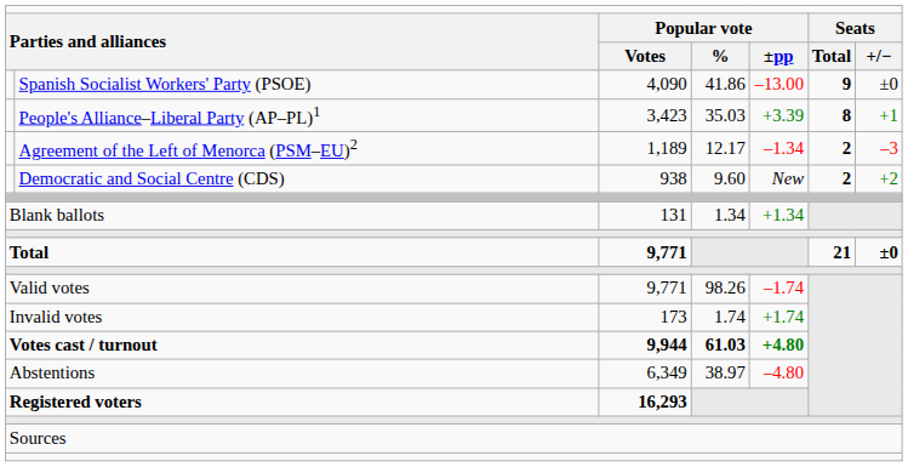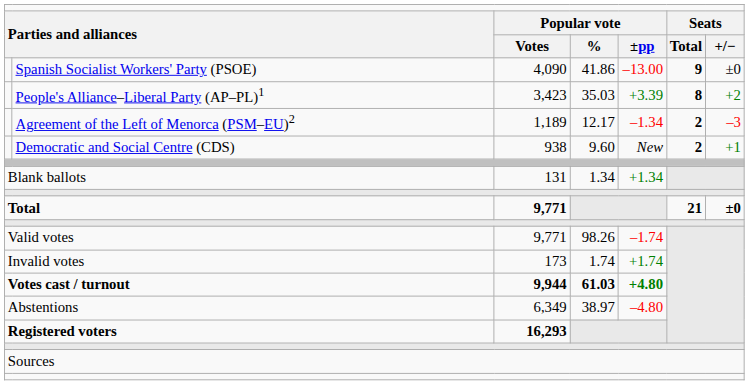 <table class="wikitable" style="text-align:right;">
 <tr>
 <td colspan="7"></td>
 </tr>
 <tr>
 <th style="text-align:left;" rowspan="2" colspan="2" width="525">Parties and alliances</th>
 <th colspan="3">Popular vote</th>
 <th colspan="2">Seats</th>
 </tr>
 <tr>
 <th width="75">Votes</th>
 <th width="45">%</th>
 <th width="45">±<a href='#'>pp</a></th>
 <th width="35">Total</th>
 <th width="35">+/−</th>
 </tr>
 <tr>
 <td width="1" style="color:inherit;background:"></td>
 <td align="left"><a href='#'>Spanish Socialist Workers' Party</a> (PSOE)</td>
 <td>4,090</td>
 <td>41.86</td>
 <td style="color:red;">–13.00</td>
 <td><strong>9</strong></td>
 <td>±0</td>
 </tr>
 <tr>
 <td style="color:inherit;background:"></td>
 <td align="left"><a href='#'>People's Alliance</a>–<a href='#'>Liberal Party</a> (AP–PL)<sup>1</sup></td>
 <td>3,423</td>
 <td>35.03</td>
 <td style="color:green;">+3.39</td>
 <td><strong>8</strong></td>
-<td style="color:green;">+1</td>
+<td style="color:green;">+2</td>
 </tr>
 <tr>
 <td style="color:inherit;background:"></td>
 <td align="left"><a href='#'>Agreement of the Left of Menorca</a> (<a href='#'>PSM</a>–<a href='#'>EU</a>)<sup>2</sup></td>
 <td>1,189</td>
 <td>12.17</td>
 <td style="color:red;">–1.34</td>
 <td><strong>2</strong></td>
 <td style="color:red;">–3</td>
 </tr>
 <tr>
 <td style="color:inherit;background:"></td>
 <td align="left"><a href='#'>Democratic and Social Centre</a> (CDS)</td>
 <td>938</td>
 <td>9.60</td>
 <td><em>New</em></td>
 <td><strong>2</strong></td>
-<td style="color:green;">+2</td>
+<td style="color:green;">+1</td>
 </tr>
 <tr>
 <td colspan="7" bgcolor="#C0C0C0"></td>
 </tr>
 <tr>
 <td align="left" colspan="2">Blank ballots</td>
 <td>131</td>
 <td>1.34</td>
 <td style="color:green;">+1.34</td>
 <td bgcolor="#E9E9E9" colspan="2"></td>
 </tr>
 <tr>
 <td colspan="7" bgcolor="#E9E9E9"></td>
 </tr>
 <tr style="font-weight:bold;">
 <td align="left" colspan="2">Total</td>
 <td>9,771</td>
 <td bgcolor="#E9E9E9" colspan="2"></td>
 <td>21</td>
 <td>±0</td>
 </tr>
 <tr>
 <td colspan="7" bgcolor="#E9E9E9"></td>
 </tr>
 <tr>
 <td align="left" colspan="2">Valid votes</td>
 <td>9,771</td>
 <td>98.26</td>
 <td style="color:red;">–1.74</td>
 <td bgcolor="#E9E9E9" colspan="2" rowspan="5"></td>
 </tr>
 <tr>
 <td align="left" colspan="2">Invalid votes</td>
 <td>173</td>
 <td>1.74</td>
 <td style="color:green;">+1.74</td>
 </tr>
 <tr style="font-weight:bold;">
 <td align="left" colspan="2">Votes cast / turnout</td>
 <td>9,944</td>
 <td>61.03</td>
 <td style="color:green;">+4.80</td>
 </tr>
 <tr>
 <td align="left" colspan="2">Abstentions</td>
 <td>6,349</td>
 <td>38.97</td>
 <td style="color:red;">–4.80</td>
 </tr>
 <tr style="font-weight:bold;">
 <td align="left" colspan="2">Registered voters</td>
 <td>16,293</td>
 <td bgcolor="#E9E9E9" colspan="2"></td>
 </tr>
 <tr>
 <td colspan="7" bgcolor="#E9E9E9"></td>
 </tr>
 <tr>
 <td align="left" colspan="7">Sources</td>
 </tr>
 <tr>
 <td colspan="7" style="text-align:left; max-width:790px;"></td>
 </tr>
 </table>
